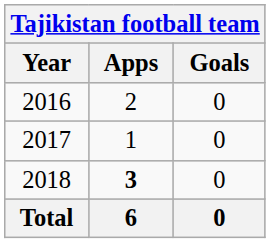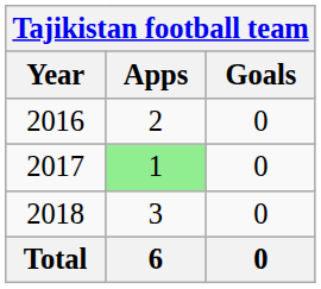 <table class="wikitable" style="text-align:center">
 <tr>
 <th colspan=3><a href='#'>Tajikistan football team</a></th>
 </tr>
 <tr>
 <th>Year</th>
 <th>Apps</th>
 <th>Goals</th>
 </tr>
 <tr>
 <td>2016</td>
 <td>2</td>
 <td>0</td>
 </tr>
 <tr>
 <td>2017</td>
-<td>1</td>
+<td style="background: lightgreen;">1</td>
 <td>0</td>
 </tr>
 <tr>
 <td>2018</td>
-<td><strong>3</strong></td>
+<td>3</td>
 <td>0</td>
 </tr>
 <tr>
 <th>Total</th>
 <th>6</th>
 <th>0</th>
 </tr>
 </table>
